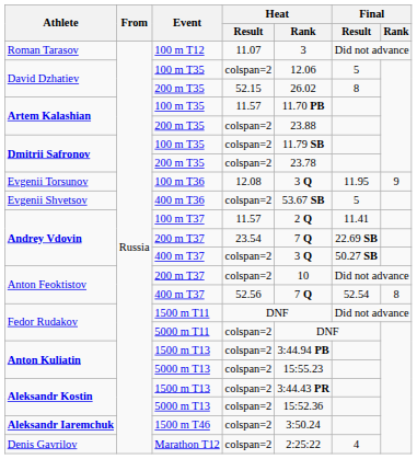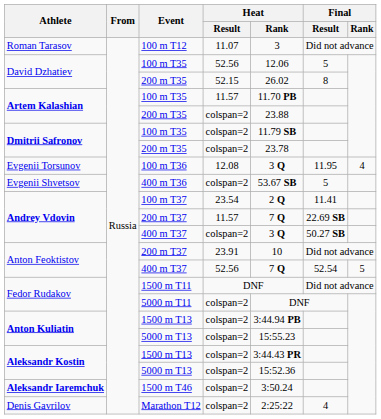 <table class="wikitable" style="font-size:90%; text-align:center">
 <tr>
 <th rowspan=2>Athlete</th>
 <th rowspan=2>From</th>
 <th rowspan=2>Event</th>
 <th colspan=2>Heat</th>
 <th colspan=2>Final</th>
 </tr>
 <tr style="font-size:95%">
 <th>Result</th>
 <th>Rank</th>
 <th>Result</th>
 <th>Rank</th>
 </tr>
 <tr>
 <td align=left><a href='#'>Roman Tarasov</a></td>
 <td rowspan=22>Russia</td>
 <td align=left><a href='#'>100 m T12</a></td>
 <td>11.07</td>
 <td>3</td>
 <td colspan=2>Did not advance</td>
 </tr>
 <tr>
 <td rowspan=2 align=left><a href='#'>David Dzhatiev</a></td>
 <td align=left><a href='#'>100 m T35</a></td>
-<td>colspan=2 </td>
+<td>52.56</td>
 <td>12.06</td>
 <td>5</td>
 </tr>
 <tr>
 <td align=left><a href='#'>200 m T35</a></td>
 <td>52.15</td>
 <td>26.02</td>
 <td>8</td>
 </tr>
 <tr>
 <td rowspan=2 align=left><strong><a href='#'>Artem Kalashian</a></strong></td>
 <td align=left><a href='#'>100 m T35</a></td>
 <td>11.57</td>
 <td>11.70 <strong>PB</strong></td>
 <td></td>
 </tr>
 <tr>
 <td align=left><a href='#'>200 m T35</a></td>
 <td>colspan=2 </td>
 <td>23.88</td>
 <td></td>
 </tr>
 <tr>
 <td rowspan=2 align=left><strong><a href='#'>Dmitrii Safronov</a></strong></td>
 <td align=left><a href='#'>100 m T35</a></td>
 <td>colspan=2 </td>
 <td>11.79 <strong>SB</strong></td>
 <td></td>
 </tr>
 <tr>
 <td align=left><a href='#'>200 m T35</a></td>
 <td>colspan=2 </td>
 <td>23.78</td>
 <td></td>
 </tr>
 <tr>
 <td align=left><a href='#'>Evgenii Torsunov</a></td>
 <td align=left><a href='#'>100 m T36</a></td>
 <td>12.08</td>
 <td>3 <strong>Q</strong></td>
 <td>11.95</td>
-<td>9</td>
+<td>4</td>
 </tr>
 <tr>
 <td align=left><a href='#'>Evgenii Shvetsov</a></td>
 <td align=left><a href='#'>400 m T36</a></td>
 <td>colspan=2 </td>
 <td>53.67 <strong>SB</strong></td>
 <td>5</td>
 </tr>
 <tr>
 <td rowspan=3 align=left><strong><a href='#'>Andrey Vdovin</a></strong></td>
 <td align=left><a href='#'>100 m T37</a></td>
-<td>11.57</td>
+<td>23.54</td>
 <td>2 <strong>Q</strong></td>
 <td>11.41</td>
 <td></td>
 </tr>
 <tr>
 <td align=left><a href='#'>200 m T37</a></td>
-<td>23.54</td>
+<td>11.57</td>
 <td>7 <strong>Q</strong></td>
 <td>22.69 <strong>SB</strong></td>
 <td></td>
 </tr>
 <tr>
 <td align=left><a href='#'>400 m T37</a></td>
 <td>colspan=2 </td>
 <td>3 <strong>Q</strong></td>
 <td>50.27 <strong>SB</strong></td>
 <td></td>
 </tr>
 <tr>
 <td rowspan=2 align=left><a href='#'>Anton Feoktistov</a></td>
 <td align=left><a href='#'>200 m T37</a></td>
-<td>colspan=2 </td>
+<td>23.91</td>
 <td>10</td>
 <td colspan="2">Did not advance</td>
 </tr>
 <tr>
 <td align=left><a href='#'>400 m T37</a></td>
 <td>52.56</td>
 <td>7 <strong>Q</strong></td>
 <td>52.54</td>
-<td>8</td>
+<td>5</td>
 </tr>
 <tr>
 <td rowspan=2 align=left><a href='#'>Fedor Rudakov</a></td>
 <td align=left><a href='#'>1500 m T11</a></td>
 <td colspan="2">DNF</td>
 <td colspan=2>Did not advance</td>
 </tr>
 <tr>
 <td align=left><a href='#'>5000 m T11</a></td>
 <td>colspan=2 </td>
 <td colspan="2">DNF</td>
 </tr>
 <tr>
 <td rowspan="2" align="left"><strong><a href='#'>Anton Kuliatin</a></strong></td>
 <td align="left"><a href='#'>1500 m T13</a></td>
 <td>colspan=2 </td>
 <td>3:44.94 <strong>PB</strong></td>
 <td></td>
 </tr>
 <tr>
 <td align="left"><a href='#'>5000 m T13</a></td>
 <td>colspan=2 </td>
 <td>15:55.23</td>
 <td></td>
 </tr>
 <tr>
 <td rowspan="2" align="left"><strong><a href='#'>Aleksandr Kostin</a></strong></td>
 <td align="left"><a href='#'>1500 m T13</a></td>
 <td>colspan=2 </td>
 <td>3:44.43 <strong>PR</strong></td>
 <td></td>
 </tr>
 <tr>
 <td align="left"><a href='#'>5000 m T13</a></td>
 <td>colspan=2 </td>
 <td>15:52.36</td>
 <td></td>
 </tr>
 <tr>
 <td align=left><strong><a href='#'>Aleksandr Iaremchuk</a></strong></td>
 <td align=left><a href='#'>1500 m T46</a></td>
 <td>colspan=2 </td>
 <td>3:50.24</td>
 <td></td>
 </tr>
 <tr>
 <td align=left><a href='#'>Denis Gavrilov</a></td>
 <td align=left><a href='#'>Marathon T12</a></td>
 <td>colspan=2 </td>
 <td>2:25:22</td>
 <td>4</td>
 </tr>
 </table>
